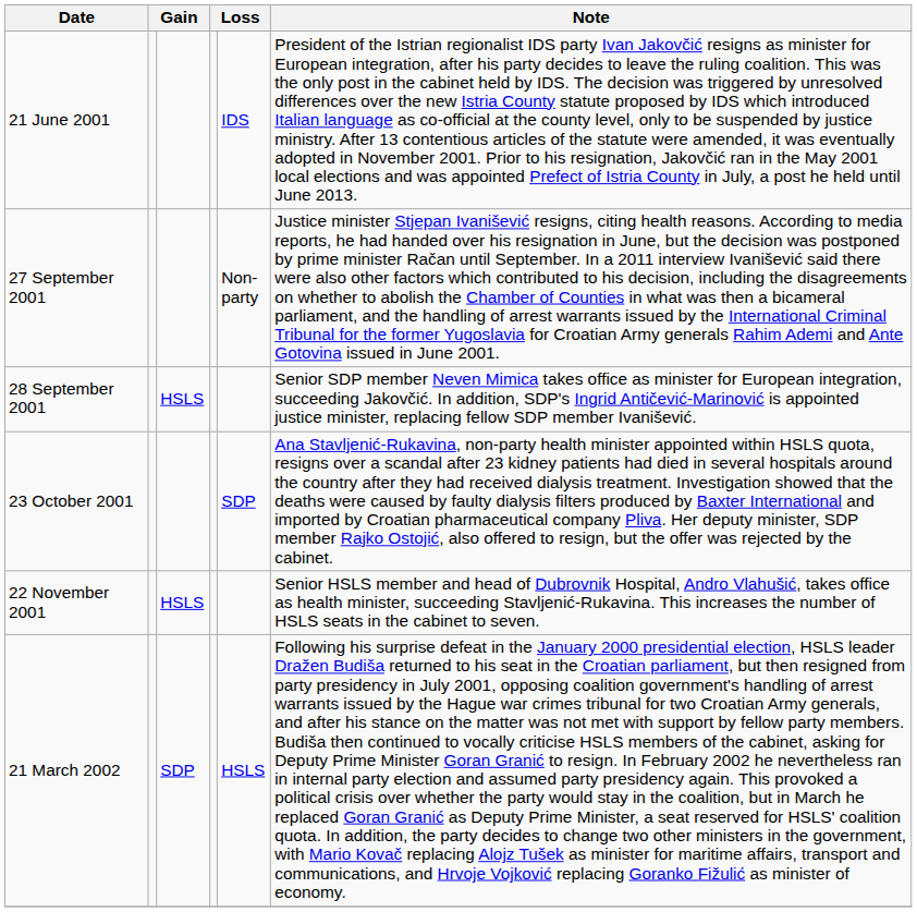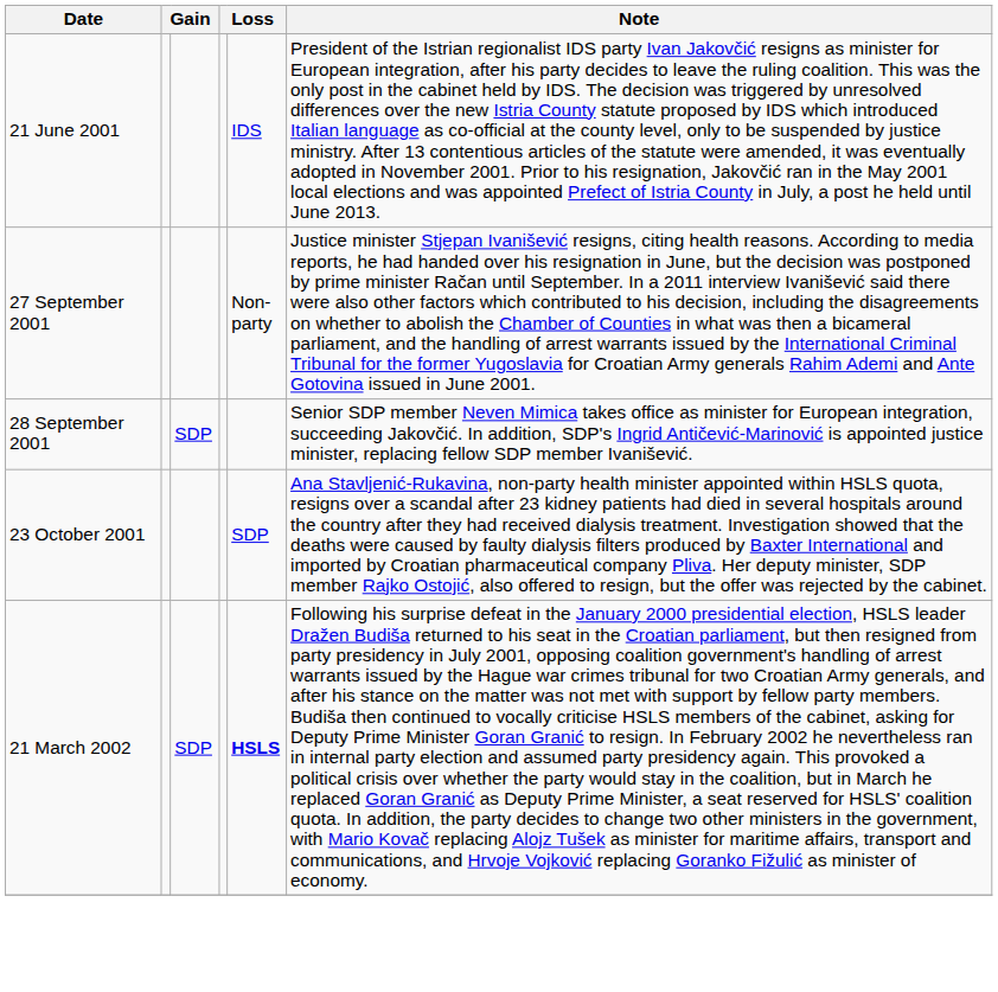 <table class="wikitable">
 <tr>
 <th width="130">Date</th>
 <th colspan=2 width="80">Gain</th>
 <th colspan=2 width="80">Loss</th>
 <th>Note</th>
 </tr>
 <tr>
 <td>21 June 2001</td>
 <td></td>
 <td></td>
 <td style="background-color: "></td>
 <td><a href='#'>IDS</a></td>
 <td>President of the Istrian regionalist IDS party <a href='#'>Ivan Jakovčić</a> resigns as minister for European integration, after his party decides to leave the ruling coalition. This was the only post in the cabinet held by IDS. The decision was triggered by unresolved differences over the new <a href='#'>Istria County</a> statute proposed by IDS which introduced <a href='#'>Italian language</a> as co-official at the county level, only to be suspended by justice ministry. After 13 contentious articles of the statute were amended, it was eventually adopted in November 2001. Prior to his resignation, Jakovčić ran in the May 2001 local elections and was appointed <a href='#'>Prefect of Istria County</a> in July, a post he held until June 2013.</td>
 </tr>
 <tr>
 <td>27 September 2001</td>
 <td></td>
 <td></td>
 <td style="background-color: "></td>
 <td>Non-party</td>
 <td>Justice minister <a href='#'>Stjepan Ivanišević</a> resigns, citing health reasons. According to media reports, he had handed over his resignation in June, but the decision was postponed by prime minister Račan until September. In a 2011 interview Ivanišević said there were also other factors which contributed to his decision, including the disagreements on whether to abolish the <a href='#'>Chamber of Counties</a> in what was then a bicameral parliament, and the handling of arrest warrants issued by the <a href='#'>International Criminal Tribunal for the former Yugoslavia</a> for Croatian Army generals <a href='#'>Rahim Ademi</a> and <a href='#'>Ante Gotovina</a> issued in June 2001.</td>
 </tr>
 <tr>
 <td>28 September 2001</td>
 <td style="background-color: "></td>
-<td><a href='#'>HSLS</a></td>
+<td><a href='#'>SDP</a></td>
 <td></td>
 <td></td>
 <td>Senior SDP member <a href='#'>Neven Mimica</a> takes office as minister for European integration, succeeding Jakovčić. In addition, SDP's <a href='#'>Ingrid Antičević-Marinović</a> is appointed justice minister, replacing fellow SDP member Ivanišević.</td>
 </tr>
 <tr>
 <td>23 October 2001</td>
 <td></td>
 <td></td>
 <td style="background-color: "></td>
 <td><a href='#'>SDP</a></td>
 <td><a href='#'>Ana Stavljenić-Rukavina</a>, non-party health minister appointed within HSLS quota, resigns over a scandal after 23 kidney patients had died in several hospitals around the country after they had received dialysis treatment. Investigation showed that the deaths were caused by faulty dialysis filters produced by <a href='#'>Baxter International</a> and imported by Croatian pharmaceutical company <a href='#'>Pliva</a>. Her deputy minister, SDP member <a href='#'>Rajko Ostojić</a>, also offered to resign, but the offer was rejected by the cabinet.</td>
 </tr>
 <tr>
-<td>22 November 2001</td>
-<td style="background-color: "></td>
-<td><a href='#'>HSLS</a></td>
-<td></td>
-<td></td>
-<td>Senior HSLS member and head of <a href='#'>Dubrovnik</a> Hospital, <a href='#'>Andro Vlahušić</a>, takes office as health minister, succeeding Stavljenić-Rukavina. This increases the number of HSLS seats in the cabinet to seven.</td>
-</tr>
-<tr>
 <td>21 March 2002</td>
 <td style="background-color: "></td>
 <td><a href='#'>SDP</a></td>
 <td style="background-color: "></td>
-<td><a href='#'>HSLS</a></td>
+<td><strong><a href='#'>HSLS</a></strong></td>
 <td>Following his surprise defeat in the <a href='#'>January 2000 presidential election</a>, HSLS leader <a href='#'>Dražen Budiša</a> returned to his seat in the <a href='#'>Croatian parliament</a>, but then resigned from party presidency in July 2001, opposing coalition government's handling of arrest warrants issued by the Hague war crimes tribunal for two Croatian Army generals, and after his stance on the matter was not met with support by fellow party members. Budiša then continued to vocally criticise HSLS members of the cabinet, asking for Deputy Prime Minister <a href='#'>Goran Granić</a> to resign. In February 2002 he nevertheless ran in internal party election and assumed party presidency again. This provoked a political crisis over whether the party would stay in the coalition, but in March he replaced <a href='#'>Goran Granić</a> as Deputy Prime Minister, a seat reserved for HSLS' coalition quota. In addition, the party decides to change two other ministers in the government, with <a href='#'>Mario Kovač</a> replacing <a href='#'>Alojz Tušek</a> as minister for maritime affairs, transport and communications, and <a href='#'>Hrvoje Vojković</a> replacing <a href='#'>Goranko Fižulić</a> as minister of economy.</td>
 </tr>
 <tr>
 </tr>
 </table>
